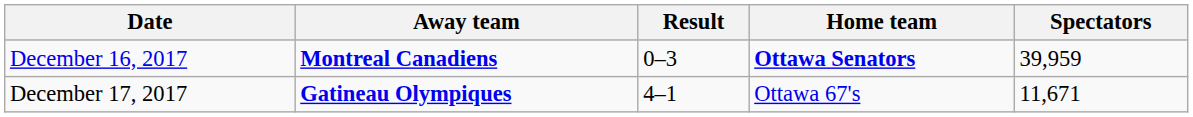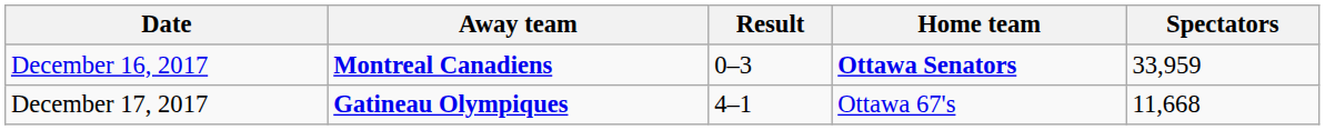 <table class="wikitable" style="text-align:left; width:95%;" style="text-align:center">
 <tr>
 <th style="text-align:center; ">Date</th>
 <th style="text-align:center; ">Away team</th>
 <th style="text-align:center; ">Result</th>
 <th style="text-align:center; ">Home team</th>
 <th style="text-align:center; ">Spectators</th>
 </tr>
 <tr>
 <td><a href='#'>December 16, 2017</a></td>
 <td><strong><a href='#'>Montreal Canadiens</a></strong></td>
 <td>0–3</td>
 <td><strong><a href='#'>Ottawa Senators</a></strong></td>
-<td>39,959</td>
+<td>33,959</td>
 </tr>
 <tr>
 <td>December 17, 2017</td>
 <td><strong><a href='#'>Gatineau Olympiques</a></strong></td>
 <td>4–1</td>
 <td><a href='#'>Ottawa 67's</a></td>
-<td>11,671</td>
+<td>11,668</td>
 </tr>
 </table>
